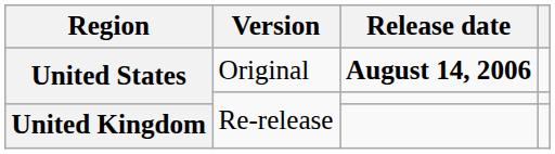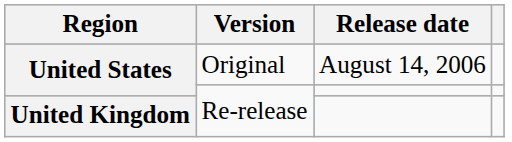 <table class="wikitable plainrowheaders">
 <tr>
 <th>Region</th>
 <th>Version</th>
 <th>Release date</th>
 <th></th>
 </tr>
 <tr>
 <th scope="row" rowspan="2">United States</th>
 <td>Original</td>
-<td><strong>August 14, 2006</strong></td>
+<td>August 14, 2006</td>
 <td></td>
 </tr>
 <tr>
 <td rowspan="2">Re-release</td>
 <td></td>
 <td></td>
 </tr>
 <tr>
 <th scope="row">United Kingdom</th>
 <td></td>
 <td></td>
 </tr>
 </table>
